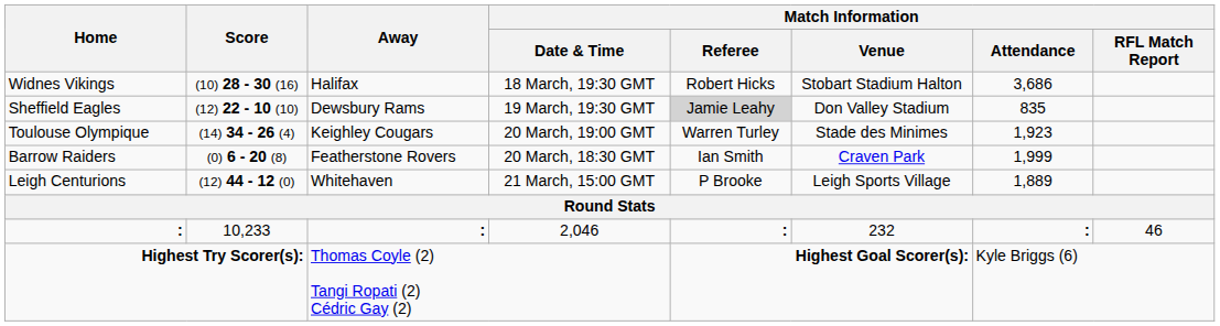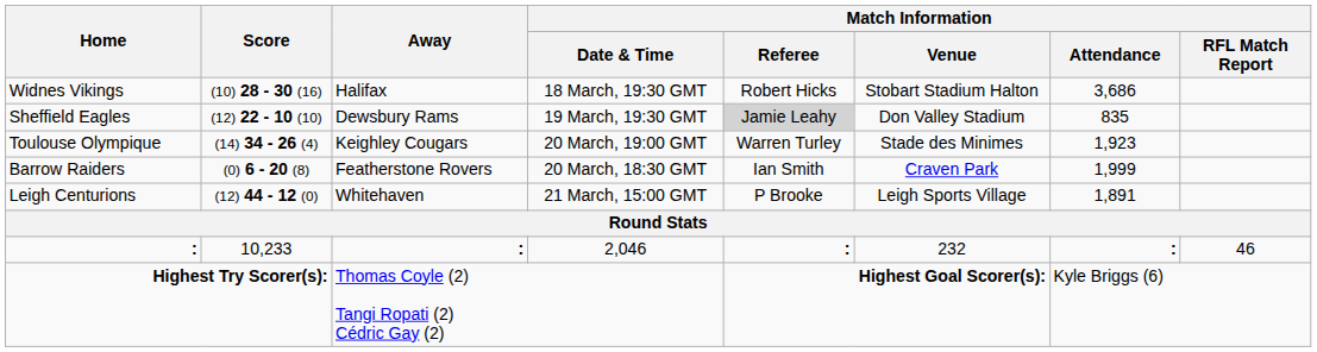 <table class="wikitable" style="text-align: center; cellpadding=3 cellspacing=0 width=95%">
 <tr>
 <th rowspan=2 width=15%>Home</th>
 <th rowspan=2 width=10%>Score</th>
 <th rowspan=2 width=15%>Away</th>
 <th colspan=5>Match Information</th>
 </tr>
 <tr>
 <th width=15%>Date & Time</th>
 <th width=10%>Referee</th>
 <th width=15%>Venue</th>
 <th width=10%>Attendance</th>
 <th width=10%>RFL Match Report</th>
 </tr>
 <tr>
 <td align=left> Widnes Vikings</td>
 <td><small>(10)</small> <strong>28 - 30</strong> <small>(16)</small></td>
 <td align=left> Halifax</td>
 <td>18 March, 19:30 GMT</td>
 <td>Robert Hicks</td>
 <td>Stobart Stadium Halton</td>
 <td>3,686</td>
 <td align="center"></td>
 </tr>
 <tr>
 <td align=left> Sheffield Eagles</td>
 <td><small>(12)</small> <strong>22 - 10</strong> <small>(10)</small></td>
 <td align=left> Dewsbury Rams</td>
 <td>19 March, 19:30 GMT</td>
 <td style="background: lightgrey;">Jamie Leahy</td>
 <td>Don Valley Stadium</td>
 <td>835</td>
 <td align="center"></td>
 </tr>
 <tr>
 <td align=left> Toulouse Olympique</td>
 <td><small>(14)</small> <strong>34 - 26</strong> <small>(4)</small></td>
 <td align=left> Keighley Cougars</td>
 <td>20 March, 19:00 GMT</td>
 <td>Warren Turley</td>
 <td>Stade des Minimes</td>
 <td>1,923</td>
 <td align="center"></td>
 </tr>
 <tr>
 <td align=left> Barrow Raiders</td>
 <td><small>(0)</small> <strong>6 - 20</strong> <small>(8)</small></td>
 <td align=left> Featherstone Rovers</td>
 <td>20 March, 18:30 GMT</td>
 <td>Ian Smith</td>
 <td><a href='#'>Craven Park</a></td>
 <td>1,999</td>
 <td align="center"></td>
 </tr>
 <tr>
 <td align=left> Leigh Centurions</td>
 <td><small>(12)</small> <strong>44 - 12</strong> <small>(0)</small></td>
 <td align=left> Whitehaven</td>
 <td>21 March, 15:00 GMT</td>
 <td>P Brooke</td>
 <td>Leigh Sports Village</td>
-<td>1,889</td>
+<td>1,891</td>
 <td align="center"></td>
 </tr>
 <tr>
 <th colspan=8>Round Stats</th>
 </tr>
 <tr>
 <td colspan=1 align=right><strong>:</strong></td>
 <td colspan=1>10,233</td>
 <td colspan=1 align=right><strong>:</strong></td>
 <td colspan=1>2,046</td>
 <td colspan=1 align=right><strong>:</strong></td>
 <td colspan=1>232</td>
 <td colspan=1 align=right><strong>:</strong></td>
 <td colspan=1>46</td>
 </tr>
 <tr>
 <td colspan=2 valign="top" align=right><strong>Highest Try Scorer(s):</strong></td>
 <td colspan=2 valign="top" align=left> <a href='#'>Thomas Coyle</a> (2)<br><br> <a href='#'>Tangi Ropati</a> (2)<br>  <a href='#'>Cédric Gay</a> (2)</td>
 <td colspan=2 valign="top" align=right><strong>Highest Goal Scorer(s):</strong></td>
 <td colspan=2 valign="top" align=left> Kyle Briggs (6)</td>
 </tr>
 </table>
